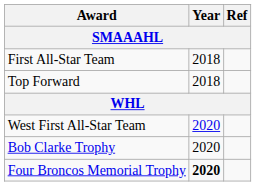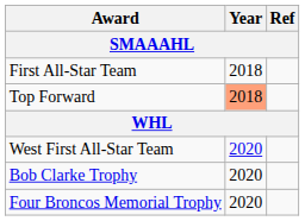 <table class="wikitable">
 <tr>
 <th>Award</th>
 <th>Year</th>
 <th>Ref</th>
 </tr>
 <tr>
 <th colspan="3"><a href='#'>SMAAAHL</a></th>
 </tr>
 <tr>
 <td>First All-Star Team</td>
 <td>2018</td>
 <td></td>
 </tr>
 <tr>
 <td>Top Forward</td>
-<td>2018</td>
+<td style="background: lightsalmon;">2018</td>
 <td></td>
 </tr>
 <tr>
 <th colspan="3"><a href='#'>WHL</a></th>
 </tr>
 <tr>
 <td>West First All-Star Team</td>
 <td><a href='#'>2020</a></td>
 <td></td>
 </tr>
 <tr>
 <td><a href='#'>Bob Clarke Trophy</a></td>
 <td>2020</td>
 <td></td>
 </tr>
 <tr>
 <td><a href='#'>Four Broncos Memorial Trophy</a></td>
-<td><strong>2020</strong></td>
+<td>2020</td>
 <td></td>
 </tr>
 </table>
